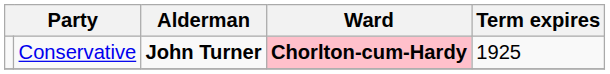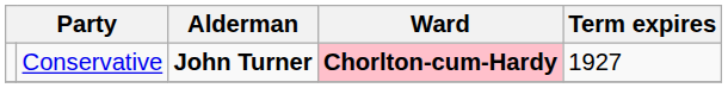 <table class="wikitable">
 <tr>
 <th colspan="2">Party</th>
 <th>Alderman</th>
 <th>Ward</th>
 <th>Term expires</th>
 </tr>
 <tr>
 <td style="background-color:"></td>
 <td><a href='#'>Conservative</a></td>
 <td><strong>John Turner</strong></td>
 <td style="background: pink;"><strong>Chorlton-cum-Hardy</strong></td>
-<td>1925</td>
+<td>1927</td>
 </tr>
 <tr>
 </tr>
 </table>
